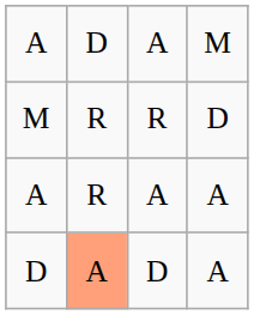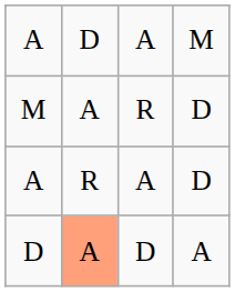 <table class="wikitable" style="margin-left:auto;margin-right:auto;text-align:center;width:8em;height:10em;table-layout:fixed;">
 <tr>
 <td>A</td>
 <td>D</td>
 <td>A</td>
 <td>M</td>
 </tr>
 <tr>
 <td>M</td>
-<td>R</td>
+<td>A</td>
 <td>R</td>
 <td>D</td>
 </tr>
 <tr>
 <td>A</td>
 <td>R</td>
 <td>A</td>
-<td>A</td>
+<td>D</td>
 </tr>
 <tr>
 <td>D</td>
 <td style="background: lightsalmon;">A</td>
 <td>D</td>
 <td>A</td>
 </tr>
 </table>
